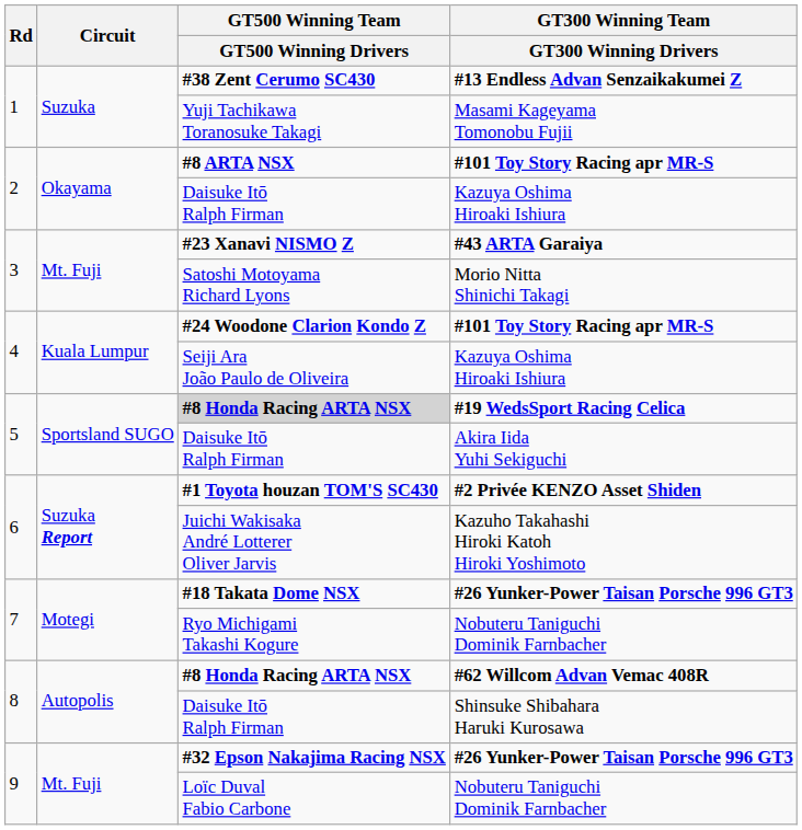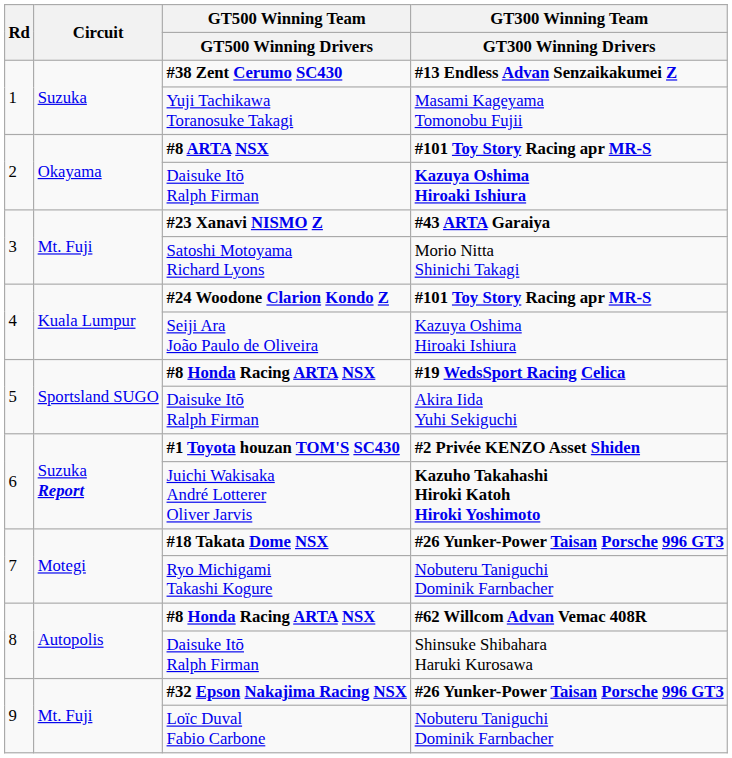 <table class="wikitable" style="font-size: 90%">
 <tr>
 <th rowspan=2>Rd</th>
 <th rowspan=2>Circuit</th>
 <th>GT500 Winning Team</th>
 <th>GT300 Winning Team</th>
 </tr>
 <tr>
 <th>GT500 Winning Drivers</th>
 <th>GT300 Winning Drivers</th>
 </tr>
 <tr>
 <td rowspan=2>1</td>
 <td rowspan=2><a href='#'>Suzuka</a></td>
 <td> <strong>#38 Zent <a href='#'>Cerumo</a> <a href='#'>SC430</a></strong></td>
 <td> <strong>#13 Endless <a href='#'>Advan</a> Senzaikakumei <a href='#'>Z</a></strong></td>
 </tr>
 <tr>
 <td> <a href='#'>Yuji Tachikawa</a><br> <a href='#'>Toranosuke Takagi</a></td>
 <td> <a href='#'>Masami Kageyama</a><br> <a href='#'>Tomonobu Fujii</a></td>
 </tr>
 <tr>
 <td rowspan=2>2</td>
 <td rowspan=2><a href='#'>Okayama</a></td>
 <td> <strong>#8 <a href='#'>ARTA</a> <a href='#'>NSX</a></strong></td>
 <td> <strong>#101 <a href='#'>Toy Story</a> Racing apr <a href='#'>MR-S</a></strong></td>
 </tr>
 <tr>
 <td> <a href='#'>Daisuke Itō</a><br> <a href='#'>Ralph Firman</a></td>
-<td> <a href='#'>Kazuya Oshima</a><br> <a href='#'>Hiroaki Ishiura</a></td>
+<td><strong> <a href='#'>Kazuya Oshima</a><br> <a href='#'>Hiroaki Ishiura</a></strong></td>
 </tr>
 <tr>
 <td rowspan=2>3</td>
 <td rowspan=2><a href='#'>Mt. Fuji</a></td>
 <td> <strong>#23 Xanavi <a href='#'>NISMO</a> <a href='#'>Z</a></strong></td>
 <td> <strong>#43 <a href='#'>ARTA</a> Garaiya</strong></td>
 </tr>
 <tr>
 <td> <a href='#'>Satoshi Motoyama</a><br> <a href='#'>Richard Lyons</a></td>
 <td> Morio Nitta<br> <a href='#'>Shinichi Takagi</a></td>
 </tr>
 <tr>
 <td rowspan=2>4</td>
 <td rowspan=2><a href='#'>Kuala Lumpur</a></td>
 <td> <strong>#24 Woodone <a href='#'>Clarion</a> <a href='#'>Kondo</a> <a href='#'>Z</a></strong></td>
 <td> <strong>#101 <a href='#'>Toy Story</a> Racing apr <a href='#'>MR-S</a></strong></td>
 </tr>
 <tr>
 <td> <a href='#'>Seiji Ara</a><br> <a href='#'>João Paulo de Oliveira</a></td>
 <td> <a href='#'>Kazuya Oshima</a><br> <a href='#'>Hiroaki Ishiura</a></td>
 </tr>
 <tr>
 <td rowspan=2>5</td>
 <td rowspan=2><a href='#'>Sportsland SUGO</a></td>
-<td style="background: lightgrey;"> <strong>#8 <a href='#'>Honda</a> Racing <a href='#'>ARTA</a> <a href='#'>NSX</a></strong></td>
+<td> <strong>#8 <a href='#'>Honda</a> Racing <a href='#'>ARTA</a> <a href='#'>NSX</a></strong></td>
 <td> <strong>#19 <a href='#'>WedsSport Racing</a> <a href='#'>Celica</a></strong></td>
 </tr>
 <tr>
 <td> <a href='#'>Daisuke Itō</a><br> <a href='#'>Ralph Firman</a></td>
 <td> <a href='#'>Akira Iida</a><br> <a href='#'>Yuhi Sekiguchi</a></td>
 </tr>
 <tr>
 <td rowspan=2>6</td>
 <td rowspan=2><a href='#'>Suzuka</a><br><strong><em><a href='#'>Report</a></em></strong></td>
 <td> <strong>#1 <a href='#'>Toyota</a> houzan <a href='#'>TOM'S</a> <a href='#'>SC430</a></strong></td>
 <td> <strong>#2 Privée KENZO Asset <a href='#'>Shiden</a></strong></td>
 </tr>
 <tr>
 <td> <a href='#'>Juichi Wakisaka</a> <br> <a href='#'>André Lotterer</a> <br> <a href='#'>Oliver Jarvis</a></td>
-<td> Kazuho Takahashi <br> Hiroki Katoh <br> <a href='#'>Hiroki Yoshimoto</a></td>
+<td><strong> Kazuho Takahashi <br> Hiroki Katoh <br> <a href='#'>Hiroki Yoshimoto</a></strong></td>
 </tr>
 <tr>
 <td rowspan=2>7</td>
 <td rowspan=2><a href='#'>Motegi</a></td>
 <td> <strong>#18 Takata <a href='#'>Dome</a> <a href='#'>NSX</a></strong></td>
 <td> <strong>#26 Yunker-Power <a href='#'>Taisan</a> <a href='#'>Porsche</a> <a href='#'>996 GT3</a></strong></td>
 </tr>
 <tr>
 <td> <a href='#'>Ryo Michigami</a> <br> <a href='#'>Takashi Kogure</a></td>
 <td> <a href='#'>Nobuteru Taniguchi</a> <br> <a href='#'>Dominik Farnbacher</a></td>
 </tr>
 <tr>
 <td rowspan=2>8</td>
 <td rowspan=2><a href='#'>Autopolis</a></td>
 <td> <strong>#8 <a href='#'>Honda</a> Racing <a href='#'>ARTA</a> <a href='#'>NSX</a></strong></td>
 <td> <strong>#62 Willcom <a href='#'>Advan</a>  Vemac 408R</strong></td>
 </tr>
 <tr>
 <td> <a href='#'>Daisuke Itō</a><br> <a href='#'>Ralph Firman</a></td>
 <td> Shinsuke Shibahara<br> Haruki Kurosawa</td>
 </tr>
 <tr>
 <td rowspan=2>9</td>
 <td rowspan=2><a href='#'>Mt. Fuji</a></td>
 <td> <strong>#32 <a href='#'>Epson</a> <a href='#'>Nakajima Racing</a> <a href='#'>NSX</a></strong></td>
 <td> <strong>#26 Yunker-Power <a href='#'>Taisan</a> <a href='#'>Porsche</a> <a href='#'>996 GT3</a></strong></td>
 </tr>
 <tr>
 <td> <a href='#'>Loïc Duval</a><br> <a href='#'>Fabio Carbone</a></td>
 <td> <a href='#'>Nobuteru Taniguchi</a><br> <a href='#'>Dominik Farnbacher</a></td>
 </tr>
 </table>
